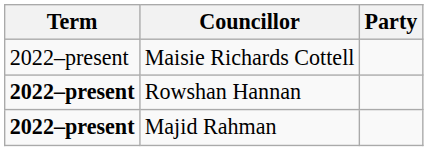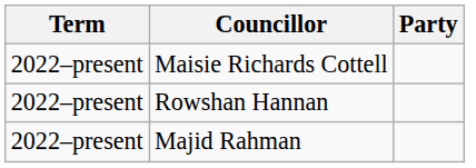 <table class="wikitable">
 <tr>
 <th>Term</th>
 <th>Councillor</th>
 <th colspan=2>Party</th>
 </tr>
 <tr>
 <td>2022–present</td>
 <td>Maisie Richards Cottell</td>
 <td></td>
 </tr>
 <tr>
-<td><strong>2022–present</strong></td>
+<td>2022–present</td>
 <td>Rowshan Hannan</td>
 <td></td>
 </tr>
 <tr>
-<td><strong>2022–present</strong></td>
+<td>2022–present</td>
 <td>Majid Rahman</td>
 <td></td>
 </tr>
 </table>
